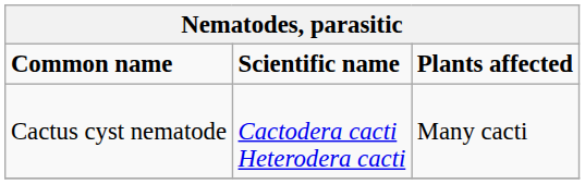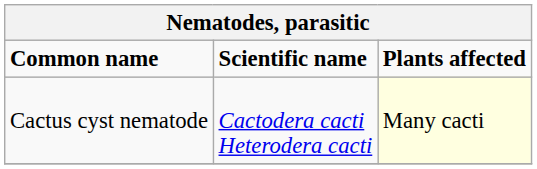 <table class="wikitable" style="clear">
 <tr>
 <th colspan=3><strong>Nematodes, parasitic</strong><br></th>
 </tr>
 <tr>
 <td><strong>Common name</strong></td>
 <td><strong>Scientific name</strong></td>
 <td><strong>Plants affected</strong></td>
 </tr>
 <tr>
 <td>Cactus cyst nematode</td>
 <td><br><em><a href='#'>Cactodera cacti</a></em> <br>  <em><a href='#'>Heterodera cacti</a></em></td>
-<td>Many cacti</td>
+<td style="background: lightyellow;">Many cacti</td>
 </tr>
 <tr>
 </tr>
 </table>
